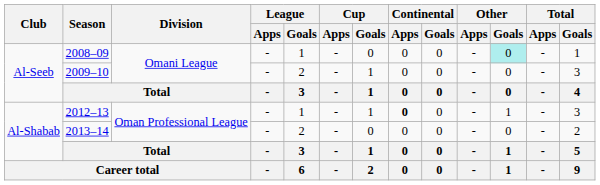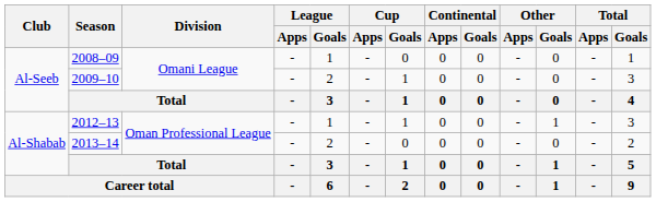 <table class="wikitable" style="text-align: center;">
 <tr>
 <th rowspan="2">Club</th>
 <th rowspan="2">Season</th>
 <th rowspan="2">Division</th>
 <th colspan="2">League</th>
 <th colspan="2">Cup</th>
 <th colspan="2">Continental</th>
 <th colspan="2">Other</th>
 <th colspan="2">Total</th>
 </tr>
 <tr>
 <th>Apps</th>
 <th>Goals</th>
 <th>Apps</th>
 <th>Goals</th>
 <th>Apps</th>
 <th>Goals</th>
 <th>Apps</th>
 <th>Goals</th>
 <th>Apps</th>
 <th>Goals</th>
 </tr>
 <tr>
 <td rowspan="3"><a href='#'>Al-Seeb</a></td>
 <td><a href='#'>2008–09</a></td>
 <td rowspan="2"><a href='#'>Omani League</a></td>
 <td>-</td>
 <td>1</td>
 <td>-</td>
 <td>0</td>
 <td>0</td>
 <td>0</td>
 <td>-</td>
-<td style="background: paleturquoise;">0</td>
+<td>0</td>
 <td>-</td>
 <td>1</td>
 </tr>
 <tr>
 <td><a href='#'>2009–10</a></td>
 <td>-</td>
 <td>2</td>
 <td>-</td>
 <td>1</td>
 <td>0</td>
 <td>0</td>
 <td>-</td>
 <td>0</td>
 <td>-</td>
 <td>3</td>
 </tr>
 <tr>
 <th colspan="2">Total</th>
 <th>-</th>
 <th>3</th>
 <th>-</th>
 <th>1</th>
 <th>0</th>
 <th>0</th>
 <th>-</th>
 <th>0</th>
 <th>-</th>
 <th>4</th>
 </tr>
 <tr>
 <td rowspan="3"><a href='#'>Al-Shabab</a></td>
 <td><a href='#'>2012–13</a></td>
 <td rowspan="2"><a href='#'>Oman Professional League</a></td>
 <td>-</td>
 <td>1</td>
 <td>-</td>
 <td>1</td>
-<td><strong>0</strong></td>
+<td>0</td>
 <td>0</td>
 <td>-</td>
 <td>1</td>
 <td>-</td>
 <td>3</td>
 </tr>
 <tr>
 <td><a href='#'>2013–14</a></td>
 <td>-</td>
 <td>2</td>
 <td>-</td>
 <td>0</td>
 <td>0</td>
 <td>0</td>
 <td>-</td>
 <td>0</td>
 <td>-</td>
 <td>2</td>
 </tr>
 <tr>
 <th colspan="2">Total</th>
 <th>-</th>
 <th>3</th>
 <th>-</th>
 <th>1</th>
 <th>0</th>
 <th>0</th>
 <th>-</th>
 <th>1</th>
 <th>-</th>
 <th>5</th>
 </tr>
 <tr>
 <th colspan="3">Career total</th>
 <th>-</th>
 <th>6</th>
 <th>-</th>
 <th>2</th>
 <th>0</th>
 <th>0</th>
 <th>-</th>
 <th>1</th>
 <th>-</th>
 <th>9</th>
 </tr>
 </table>
